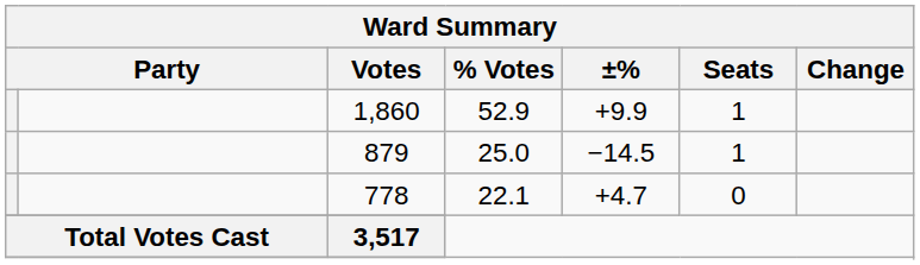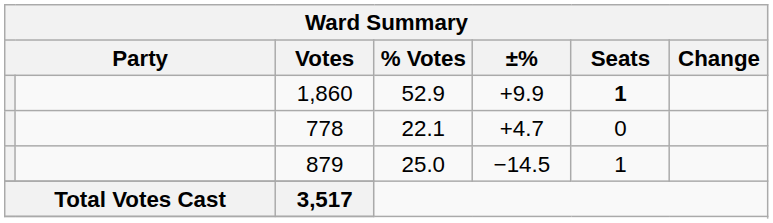 <table class="wikitable" style="font-size: 95%;">
 <tr style="background-color:#E9E9E9">
 <th colspan="7">Ward Summary</th>
 </tr>
 <tr style="background-color:#E9E9E9">
 <th colspan="2">Party</th>
 <th style="width: 60px">Votes</th>
 <th style="width: 60px">% Votes</th>
 <th style="width: 60px">±%</th>
 <th style="width: 60px">Seats</th>
 <th style="width: 60px">Change</th>
 </tr>
 <tr>
 <th style="background-color: "></th>
 <td style="width: 170px"><a href='#'></a></td>
 <td align="center">1,860</td>
 <td align="center">52.9</td>
 <td align="center">+9.9</td>
-<td align="center">1</td>
+<td align="center"><strong>1</strong></td>
+<td align="center"></td>
+</tr>
+<tr>
+<th style="background-color: "></th>
+<td style="width: 170px"><a href='#'></a></td>
+<td align="center">778</td>
+<td align="center">22.1</td>
+<td align="center">+4.7</td>
+<td align="center">0</td>
 <td align="center"></td>
 </tr>
 <tr>
 <th style="background-color: "></th>
 <td style="width: 170px"><a href='#'></a></td>
 <td align="center">879</td>
 <td align="center">25.0</td>
 <td align="center">−14.5</td>
 <td align="center">1</td>
 <td align="center"></td>
 </tr>
 <tr>
-<th style="background-color: "></th>
-<td style="width: 170px"><a href='#'></a></td>
-<td align="center">778</td>
-<td align="center">22.1</td>
-<td align="center">+4.7</td>
-<td align="center">0</td>
-<td align="center"></td>
-</tr>
-<tr>
 </tr>
 <tr style="background-color:#E9E9E9">
 <th colspan="2">Total Votes Cast</th>
 <th style="width: 60px">3,517</th>
 </tr>
 <tr style="background-color:#E9E9E9">
 </tr>
 </table>
